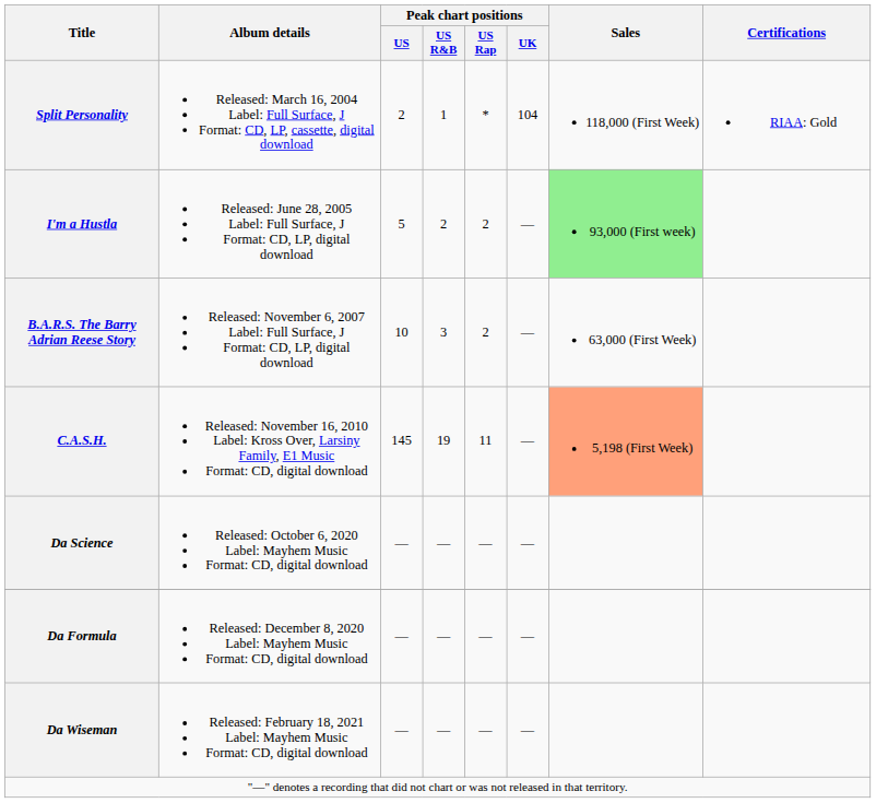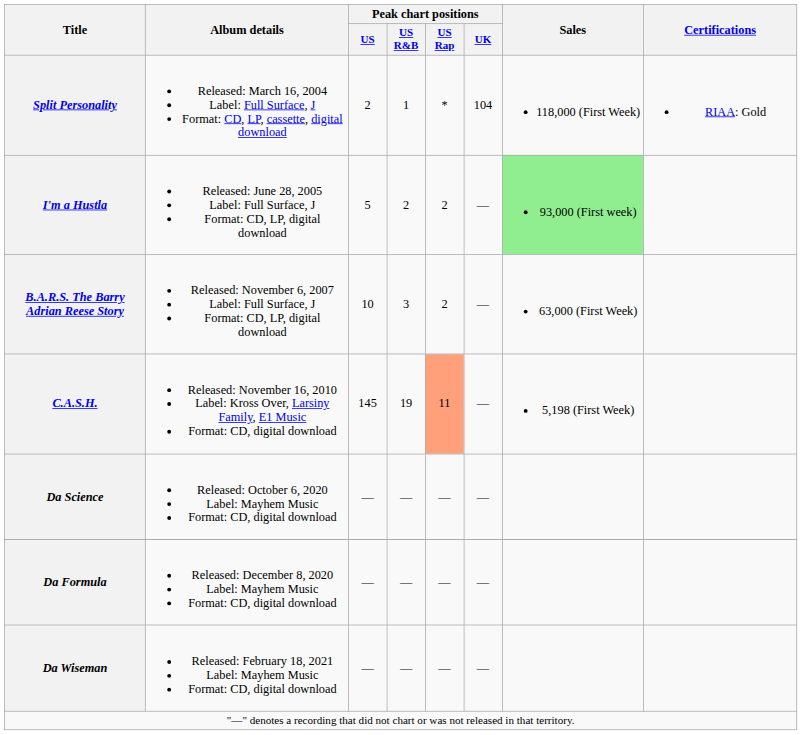 <table class="wikitable plainrowheaders" style="text-align:center;">
 <tr>
 <th scope="col" rowspan="2" style="width:11em;">Title</th>
 <th scope="col" rowspan="2" style="width:16em;">Album details</th>
 <th scope="col" colspan="4">Peak chart positions</th>
 <th rowspan="2" scope="col" style="width:11em;">Sales</th>
 <th scope="col" rowspan="2" style="width:12em;"><a href='#'>Certifications</a></th>
 </tr>
 <tr>
 <th style="width:3em;font-size:90%;"><a href='#'>US</a><br></th>
 <th style="width:3em;font-size:90%;"><a href='#'>US<br>R&B</a><br></th>
 <th style="width:3em;font-size:90%;"><a href='#'>US<br>Rap</a><br></th>
 <th style="width:3em;font-size:90%;"><a href='#'>UK</a></th>
 </tr>
 <tr>
 <th scope="row"><em><a href='#'>Split Personality</a></em></th>
 <td><br><ul><li>Released: March 16, 2004</li><li>Label: <a href='#'>Full Surface</a>, <a href='#'>J</a></li><li>Format: <a href='#'>CD</a>, <a href='#'>LP</a>, <a href='#'>cassette</a>, <a href='#'>digital download</a></li></ul></td>
 <td>2</td>
 <td>1</td>
 <td>*</td>
 <td>104</td>
 <td><br><ul><li>118,000 (First Week)</li></ul></td>
 <td><br><ul><li><a href='#'>RIAA</a>: Gold</li></ul></td>
 </tr>
 <tr>
 <th scope="row"><em><a href='#'>I'm a Hustla</a></em></th>
 <td><br><ul><li>Released: June 28, 2005</li><li>Label: Full Surface, J</li><li>Format: CD, LP, digital download</li></ul></td>
 <td>5</td>
 <td>2</td>
 <td>2</td>
 <td>—</td>
 <td style="background: lightgreen;"><br><ul><li>93,000 (First week)</li></ul></td>
 <td></td>
 </tr>
 <tr>
 <th scope="row"><em><a href='#'>B.A.R.S. The Barry Adrian Reese Story</a></em></th>
 <td><br><ul><li>Released: November 6, 2007</li><li>Label: Full Surface, J</li><li>Format: CD, LP, digital download</li></ul></td>
 <td>10</td>
 <td>3</td>
 <td>2</td>
 <td>—</td>
 <td><br><ul><li>63,000 (First Week)</li></ul></td>
 <td></td>
 </tr>
 <tr>
 <th scope="row"><em><a href='#'>C.A.S.H.</a></em></th>
 <td><br><ul><li>Released: November 16, 2010</li><li>Label: Kross Over, <a href='#'>Larsiny Family</a>, <a href='#'>E1 Music</a></li><li>Format: CD, digital download</li></ul></td>
 <td>145</td>
 <td>19</td>
-<td>11</td>
+<td style="background: lightsalmon;">11</td>
 <td>—</td>
-<td style="background: lightsalmon;"><br><ul><li>5,198 (First Week)</li></ul></td>
+<td><br><ul><li>5,198 (First Week)</li></ul></td>
 <td></td>
 </tr>
 <tr>
 <th scope="row"><em>Da Science</em></th>
 <td><br><ul><li>Released: October 6, 2020</li><li>Label: Mayhem Music</li><li>Format: CD, digital download</li></ul></td>
 <td>—</td>
 <td>—</td>
 <td>—</td>
 <td>—</td>
 <td></td>
 <td></td>
 </tr>
 <tr>
 </tr>
 <tr>
 <th scope="row"><em>Da Formula</em></th>
 <td><br><ul><li>Released: December 8, 2020</li><li>Label: Mayhem Music</li><li>Format: CD, digital download</li></ul></td>
 <td>—</td>
 <td>—</td>
 <td>—</td>
 <td>—</td>
 <td></td>
 <td></td>
 </tr>
 <tr>
 <th scope="row"><em>Da Wiseman</em></th>
 <td><br><ul><li>Released: February 18, 2021</li><li>Label: Mayhem Music</li><li>Format: CD, digital download</li></ul></td>
 <td>—</td>
 <td>—</td>
 <td>—</td>
 <td>—</td>
 <td></td>
 <td></td>
 </tr>
 <tr>
 <td colspan="13" style="font-size:90%">"—" denotes a recording that did not chart or was not released in that territory.</td>
 </tr>
 </table>
